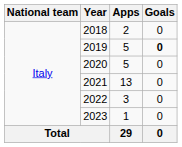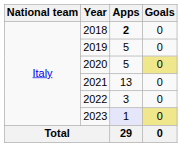 <table class="wikitable" style="text-align: center;">
 <tr>
 <th>National team</th>
 <th>Year</th>
 <th>Apps</th>
 <th>Goals</th>
 </tr>
 <tr>
 <td rowspan=6><a href='#'>Italy</a></td>
 <td>2018</td>
-<td>2</td>
+<td><strong>2</strong></td>
 <td>0</td>
 </tr>
 <tr>
 <td>2019</td>
 <td>5</td>
-<td><strong>0</strong></td>
+<td>0</td>
 </tr>
 <tr>
 <td>2020</td>
 <td>5</td>
-<td>0</td>
+<td style="background: khaki;">0</td>
 </tr>
 <tr>
 <td>2021</td>
 <td>13</td>
 <td>0</td>
 </tr>
 <tr>
 <td>2022</td>
 <td>3</td>
 <td>0</td>
 </tr>
 <tr>
 <td>2023</td>
-<td>1</td>
-<td>0</td>
+<td style="background: lavender;">1</td>
+<td style="background: khaki;">0</td>
 </tr>
 <tr>
 <th colspan=2>Total</th>
 <th>29</th>
 <th>0</th>
 </tr>
 </table>
